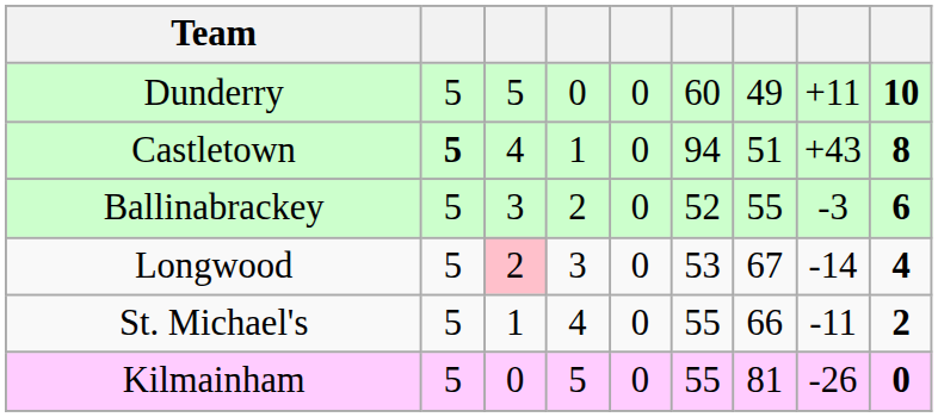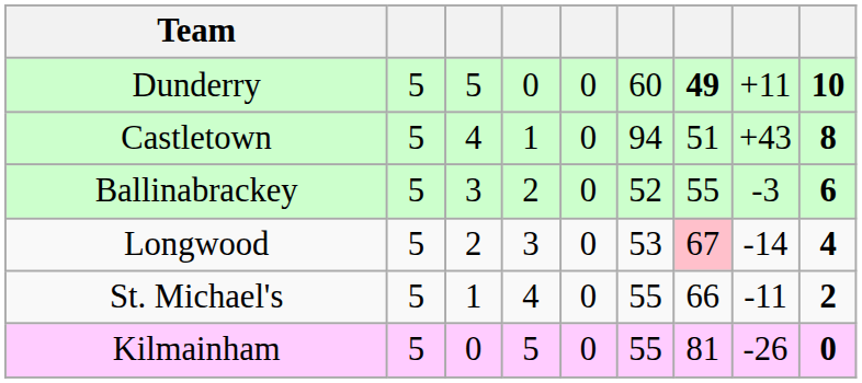 <table class="wikitable" style="text-align:center">
 <tr>
 <th style="width:175px;">Team</th>
 <th width="20"></th>
 <th width="20"></th>
 <th width="20"></th>
 <th width="20"></th>
 <th width="20"></th>
 <th width="20"></th>
 <th width="20"></th>
 <th width="20"></th>
 </tr>
 <tr style="background:#cfc;">
 <td>Dunderry</td>
 <td>5</td>
 <td>5</td>
 <td>0</td>
 <td>0</td>
 <td>60</td>
-<td>49</td>
+<td><strong>49</strong></td>
 <td>+11</td>
 <td><strong>10</strong></td>
 </tr>
 <tr style="background:#cfc;">
 <td>Castletown</td>
-<td><strong>5</strong></td>
+<td>5</td>
 <td>4</td>
 <td>1</td>
 <td>0</td>
 <td>94</td>
 <td>51</td>
 <td>+43</td>
 <td><strong>8</strong></td>
 </tr>
 <tr style="background:#cfc;">
 <td>Ballinabrackey</td>
 <td>5</td>
 <td>3</td>
 <td>2</td>
 <td>0</td>
 <td>52</td>
 <td>55</td>
 <td>-3</td>
 <td><strong>6</strong></td>
 </tr>
 <tr>
 <td>Longwood</td>
 <td>5</td>
-<td style="background: pink;">2</td>
+<td>2</td>
 <td>3</td>
 <td>0</td>
 <td>53</td>
-<td>67</td>
+<td style="background: pink;">67</td>
 <td>-14</td>
 <td><strong>4</strong></td>
 </tr>
 <tr>
 <td>St. Michael's</td>
 <td>5</td>
 <td>1</td>
 <td>4</td>
 <td>0</td>
 <td>55</td>
 <td>66</td>
 <td>-11</td>
 <td><strong>2</strong></td>
 </tr>
 <tr style="background:#fcf;">
 <td>Kilmainham</td>
 <td>5</td>
 <td>0</td>
 <td>5</td>
 <td>0</td>
 <td>55</td>
 <td>81</td>
 <td>-26</td>
 <td><strong>0</strong></td>
 </tr>
 </table>
